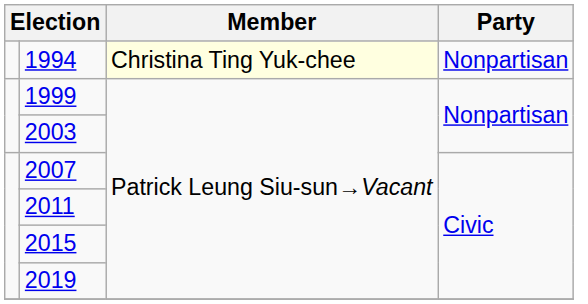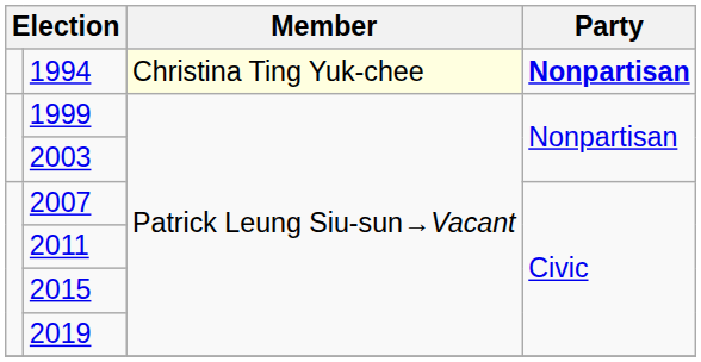 <table class="wikitable">
 <tr>
 <th colspan="2">Election</th>
 <th>Member</th>
 <th>Party</th>
 </tr>
 <tr>
 <td style="background-color: "></td>
 <td><a href='#'>1994</a></td>
 <td style="background: lightyellow;">Christina Ting Yuk-chee</td>
-<td><a href='#'>Nonpartisan</a></td>
+<td><strong><a href='#'>Nonpartisan</a></strong></td>
 </tr>
 <tr>
 <td rowspan="2" style="background-color: "></td>
 <td><a href='#'>1999</a></td>
 <td rowspan="6">Patrick Leung Siu-sun→<em>Vacant</em></td>
 <td rowspan="2"><a href='#'>Nonpartisan</a></td>
 </tr>
 <tr>
 <td><a href='#'>2003</a></td>
 </tr>
 <tr>
 <td rowspan="4" style="background-color: "></td>
 <td><a href='#'>2007</a></td>
 <td rowspan="4"><a href='#'>Civic</a></td>
 </tr>
 <tr>
 <td><a href='#'>2011</a></td>
 </tr>
 <tr>
 <td><a href='#'>2015</a></td>
 </tr>
 <tr>
 <td><a href='#'>2019</a></td>
 </tr>
 <tr>
 </tr>
 </table>
